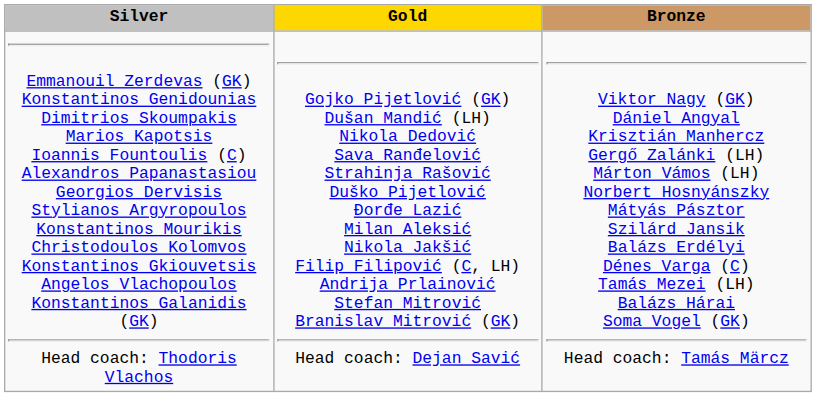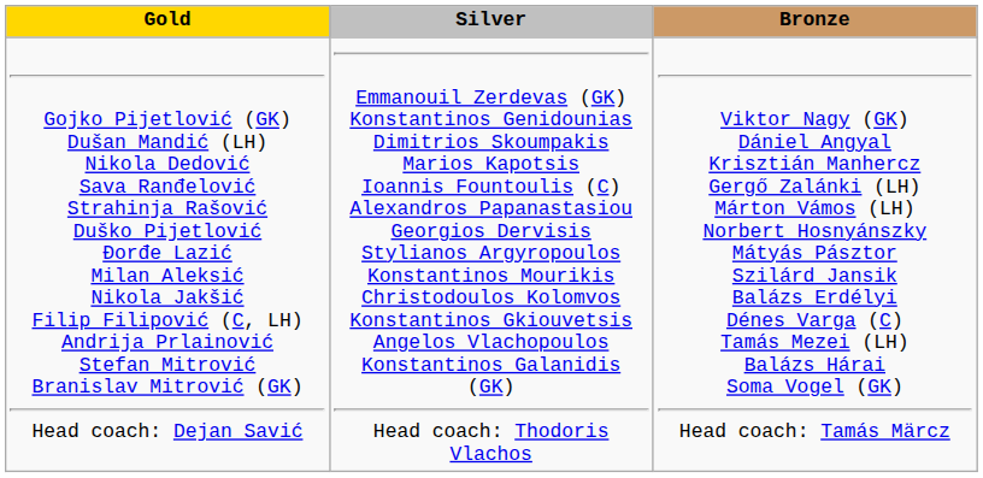 <table class="wikitable" style="text-align:center; font-size: 95%;">
 <tr>
+<td style="width: 16em;background: gold"><strong>Gold</strong></td>
 <td style="width: 16em;background: silver"><strong>Silver</strong></td>
-<td style="width: 16em;background: gold"><strong>Gold</strong></td>
 <td style="width: 16em;background: #CC9966"><strong>Bronze</strong></td>
 </tr>
 <tr>
+<td><hr><br><a href='#'>Gojko Pijetlović</a> (<a href='#'>GK</a>)<br><a href='#'>Dušan Mandić</a> (LH)<br><a href='#'>Nikola Dedović</a><br><a href='#'>Sava Ranđelović</a><br><a href='#'>Strahinja Rašović</a><br><a href='#'>Duško Pijetlović</a><br><a href='#'>Đorđe Lazić</a><br><a href='#'>Milan Aleksić</a><br><a href='#'>Nikola Jakšić</a><br><a href='#'>Filip Filipović</a> (<a href='#'>C</a>, LH)<br><a href='#'>Andrija Prlainović</a><br><a href='#'>Stefan Mitrović</a><br><a href='#'>Branislav Mitrović</a> (<a href='#'>GK</a>)<br><hr>Head coach: <a href='#'>Dejan Savić</a></td>
 <td><hr><br><a href='#'>Emmanouil Zerdevas</a> (<a href='#'>GK</a>)<br><a href='#'>Konstantinos Genidounias</a><br><a href='#'>Dimitrios Skoumpakis</a><br><a href='#'>Marios Kapotsis</a><br><a href='#'>Ioannis Fountoulis</a> (<a href='#'>C</a>)<br><a href='#'>Alexandros Papanastasiou</a><br><a href='#'>Georgios Dervisis</a><br><a href='#'>Stylianos Argyropoulos</a><br><a href='#'>Konstantinos Mourikis</a><br><a href='#'>Christodoulos Kolomvos</a><br><a href='#'>Konstantinos Gkiouvetsis</a><br><a href='#'>Angelos Vlachopoulos</a><br><a href='#'>Konstantinos Galanidis</a> (<a href='#'>GK</a>)<br><hr>Head coach: <a href='#'>Thodoris Vlachos</a></td>
-<td><hr><br><a href='#'>Gojko Pijetlović</a> (<a href='#'>GK</a>)<br><a href='#'>Dušan Mandić</a> (LH)<br><a href='#'>Nikola Dedović</a><br><a href='#'>Sava Ranđelović</a><br><a href='#'>Strahinja Rašović</a><br><a href='#'>Duško Pijetlović</a><br><a href='#'>Đorđe Lazić</a><br><a href='#'>Milan Aleksić</a><br><a href='#'>Nikola Jakšić</a><br><a href='#'>Filip Filipović</a> (<a href='#'>C</a>, LH)<br><a href='#'>Andrija Prlainović</a><br><a href='#'>Stefan Mitrović</a><br><a href='#'>Branislav Mitrović</a> (<a href='#'>GK</a>)<br><hr>Head coach: <a href='#'>Dejan Savić</a></td>
 <td><hr><br><a href='#'>Viktor Nagy</a> (<a href='#'>GK</a>)<br><a href='#'>Dániel Angyal</a><br><a href='#'>Krisztián Manhercz</a><br><a href='#'>Gergő Zalánki</a> (LH)<br><a href='#'>Márton Vámos</a> (LH)<br><a href='#'>Norbert Hosnyánszky</a><br><a href='#'>Mátyás Pásztor</a><br><a href='#'>Szilárd Jansik</a><br><a href='#'>Balázs Erdélyi</a><br><a href='#'>Dénes Varga</a> (<a href='#'>C</a>)<br><a href='#'>Tamás Mezei</a> (LH)<br><a href='#'>Balázs Hárai</a><br><a href='#'>Soma Vogel</a> (<a href='#'>GK</a>)<br><hr>Head coach: <a href='#'>Tamás Märcz</a></td>
 </tr>
 </table>
